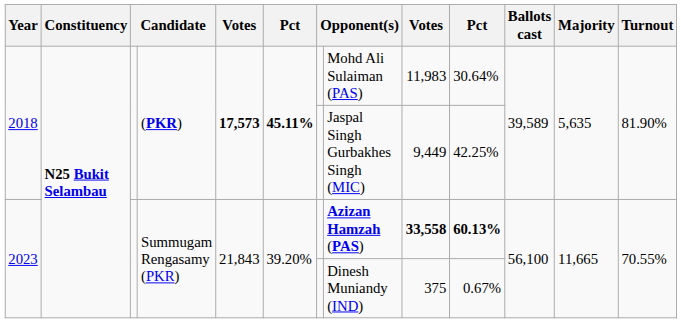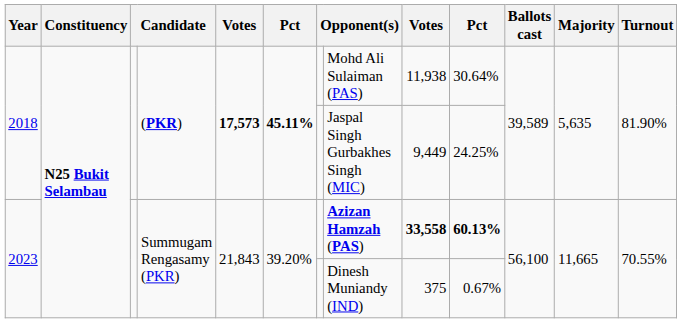 <table class="wikitable" style="margin:0.5em ; font-size:95%">
 <tr>
 <th>Year</th>
 <th>Constituency</th>
 <th colspan=2>Candidate</th>
 <th>Votes</th>
 <th>Pct</th>
 <th colspan=2>Opponent(s)</th>
 <th>Votes</th>
 <th>Pct</th>
 <th>Ballots cast</th>
 <th>Majority</th>
 <th>Turnout</th>
 </tr>
 <tr>
 <td rowspan=2><a href='#'>2018</a></td>
 <td rowspan=4><strong>N25 <a href='#'>Bukit Selambau</a></strong></td>
 <td rowspan=2 ></td>
 <td rowspan=2> (<a href='#'><strong>PKR</strong></a>)</td>
 <td rowspan=2 style="text-align:right;"><strong>17,573</strong></td>
 <td rowspan=2><strong>45.11%</strong></td>
 <td></td>
 <td>Mohd Ali Sulaiman (<a href='#'>PAS</a>)</td>
-<td style="text-align:right;">11,983</td>
+<td style="text-align:right;">11,938</td>
 <td>30.64%</td>
 <td rowspan=2>39,589</td>
 <td rowspan=2>5,635</td>
 <td rowspan=2>81.90%</td>
 </tr>
 <tr>
 <td></td>
 <td>Jaspal Singh Gurbakhes Singh (<a href='#'>MIC</a>)</td>
 <td style="text-align:right;">9,449</td>
-<td>42.25%</td>
+<td>24.25%</td>
 </tr>
 <tr>
 <td rowspan=2><a href='#'>2023</a></td>
 <td rowspan=2 ></td>
 <td rowspan=2>Summugam Rengasamy (<a href='#'>PKR</a>)</td>
 <td rowspan=2 style="text-align:right;">21,843</td>
 <td rowspan=2>39.20%</td>
 <td bgcolor=></td>
 <td><strong><a href='#'>Azizan Hamzah</a></strong> (<a href='#'><strong>PAS</strong></a>)</td>
 <td style="text-align:right;"><strong>33,558</strong></td>
 <td><strong>60.13%</strong></td>
 <td rowspan=2>56,100</td>
 <td rowspan=2>11,665</td>
 <td rowspan=2>70.55%</td>
 </tr>
 <tr>
 <td></td>
 <td>Dinesh Muniandy (<a href='#'>IND</a>)</td>
 <td style="text-align:right;">375</td>
 <td style="text-align:right;">0.67%</td>
 </tr>
 </table>
